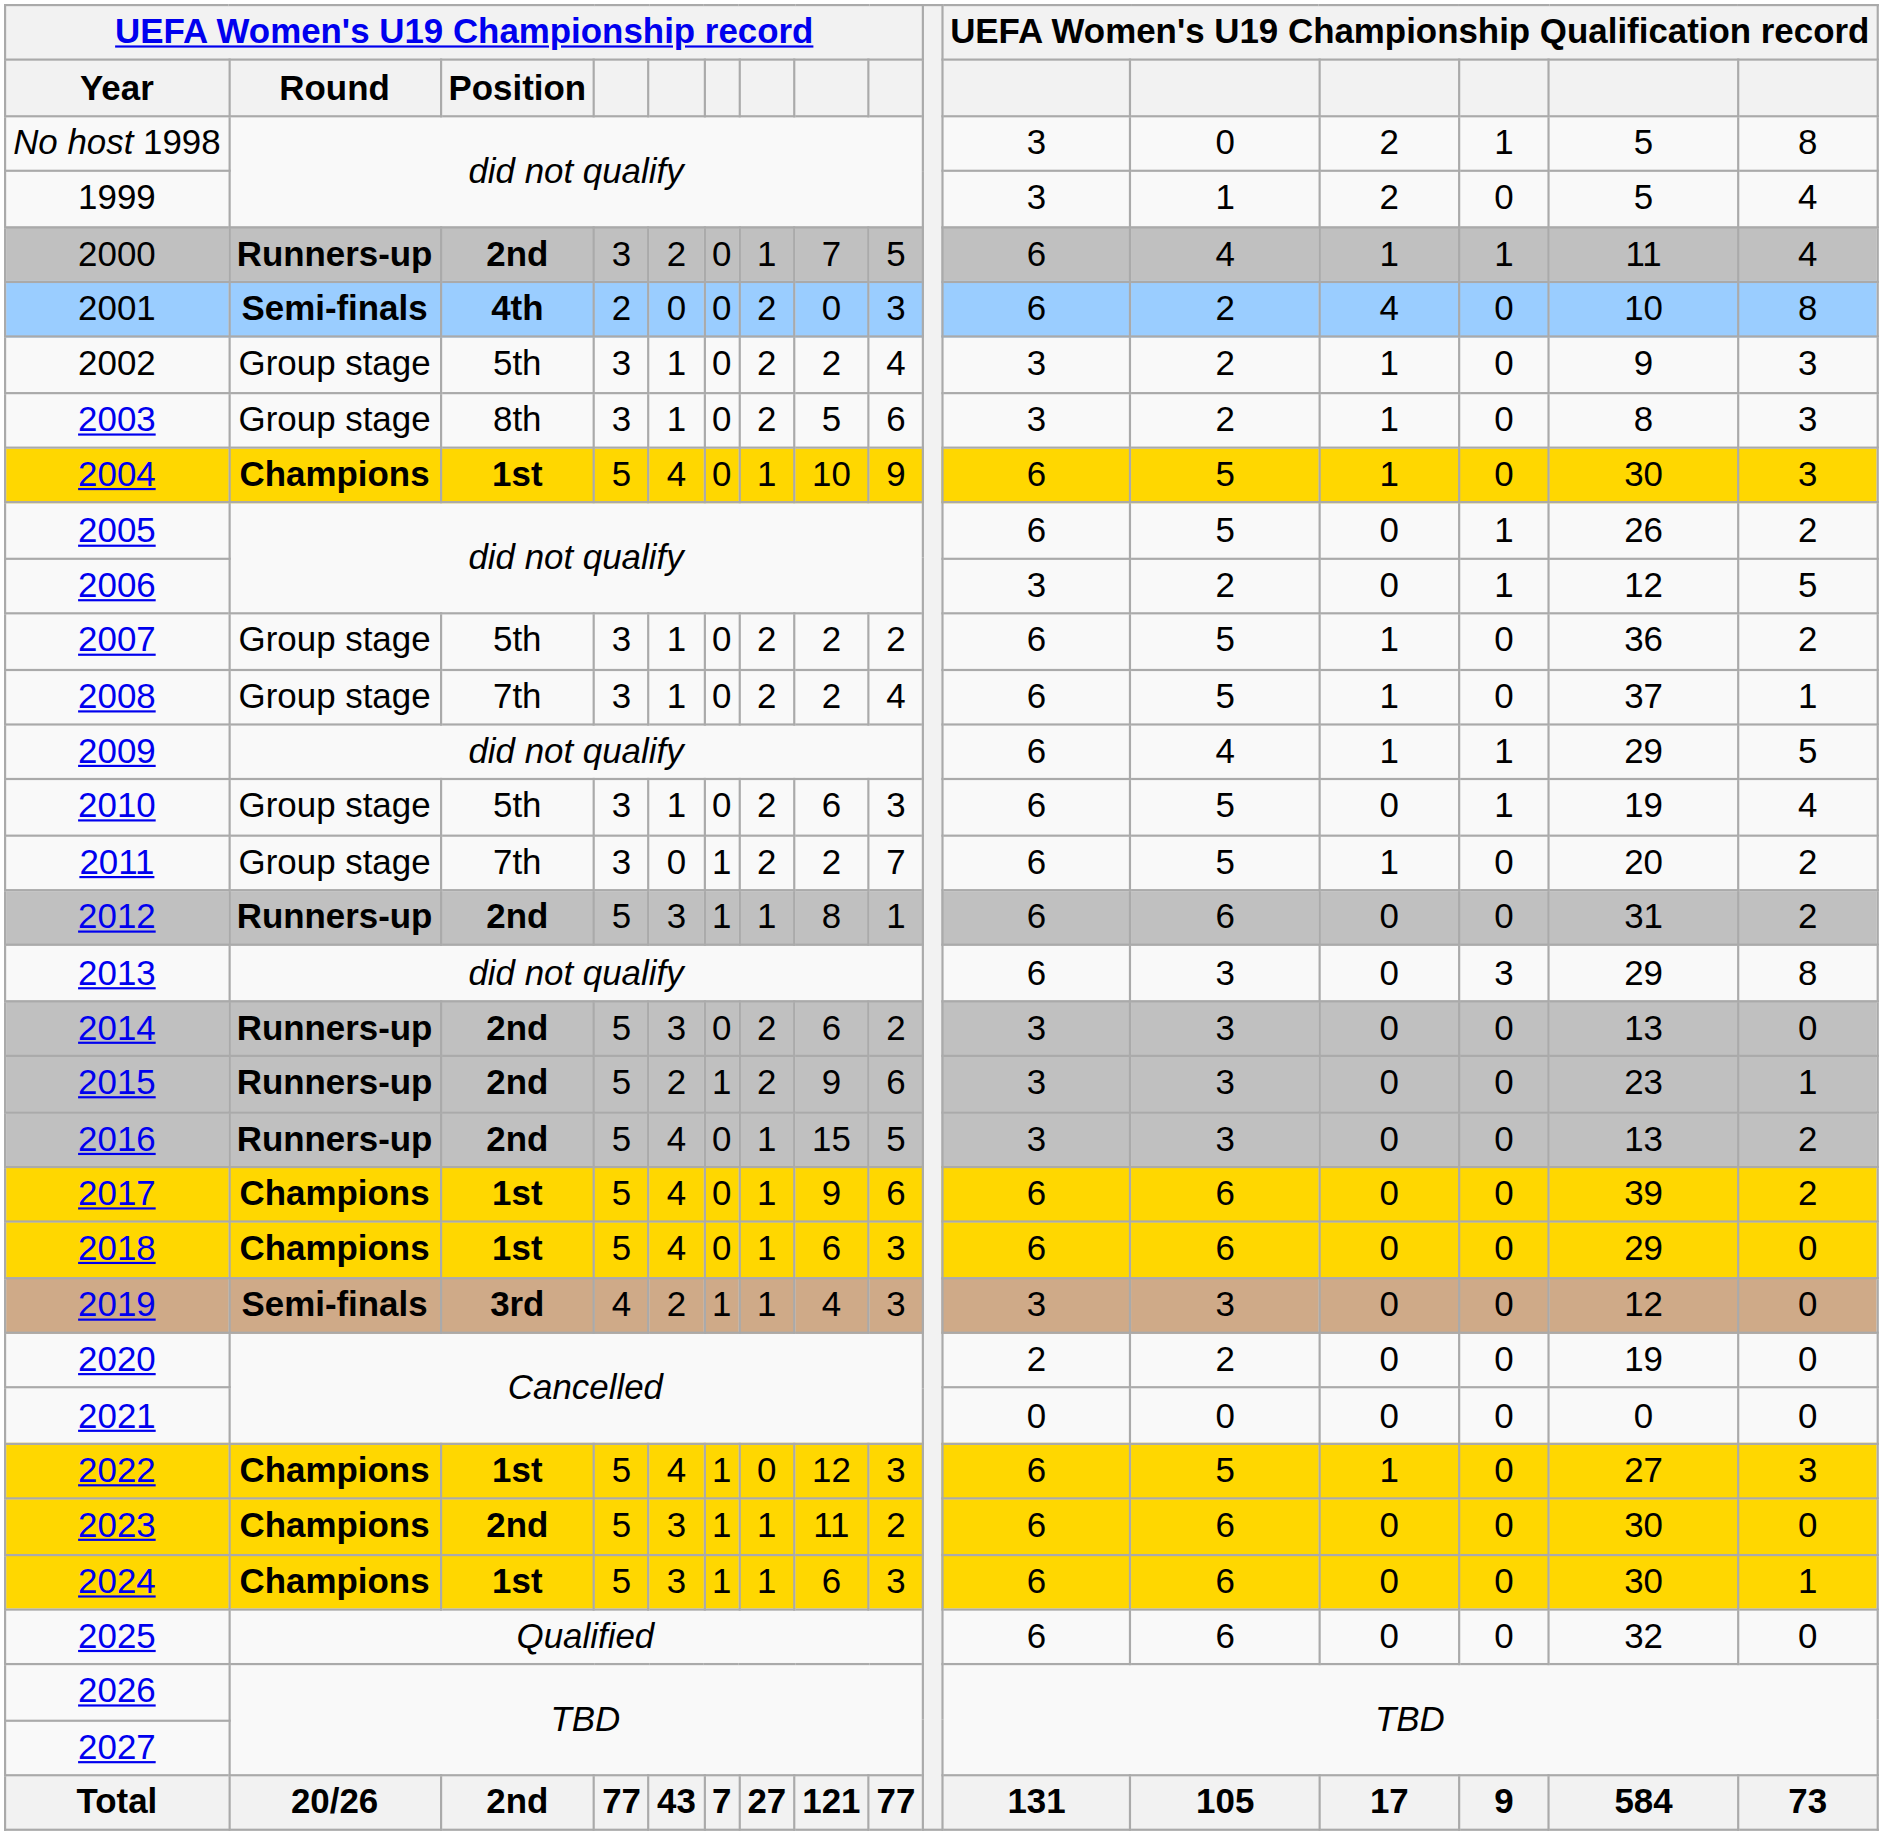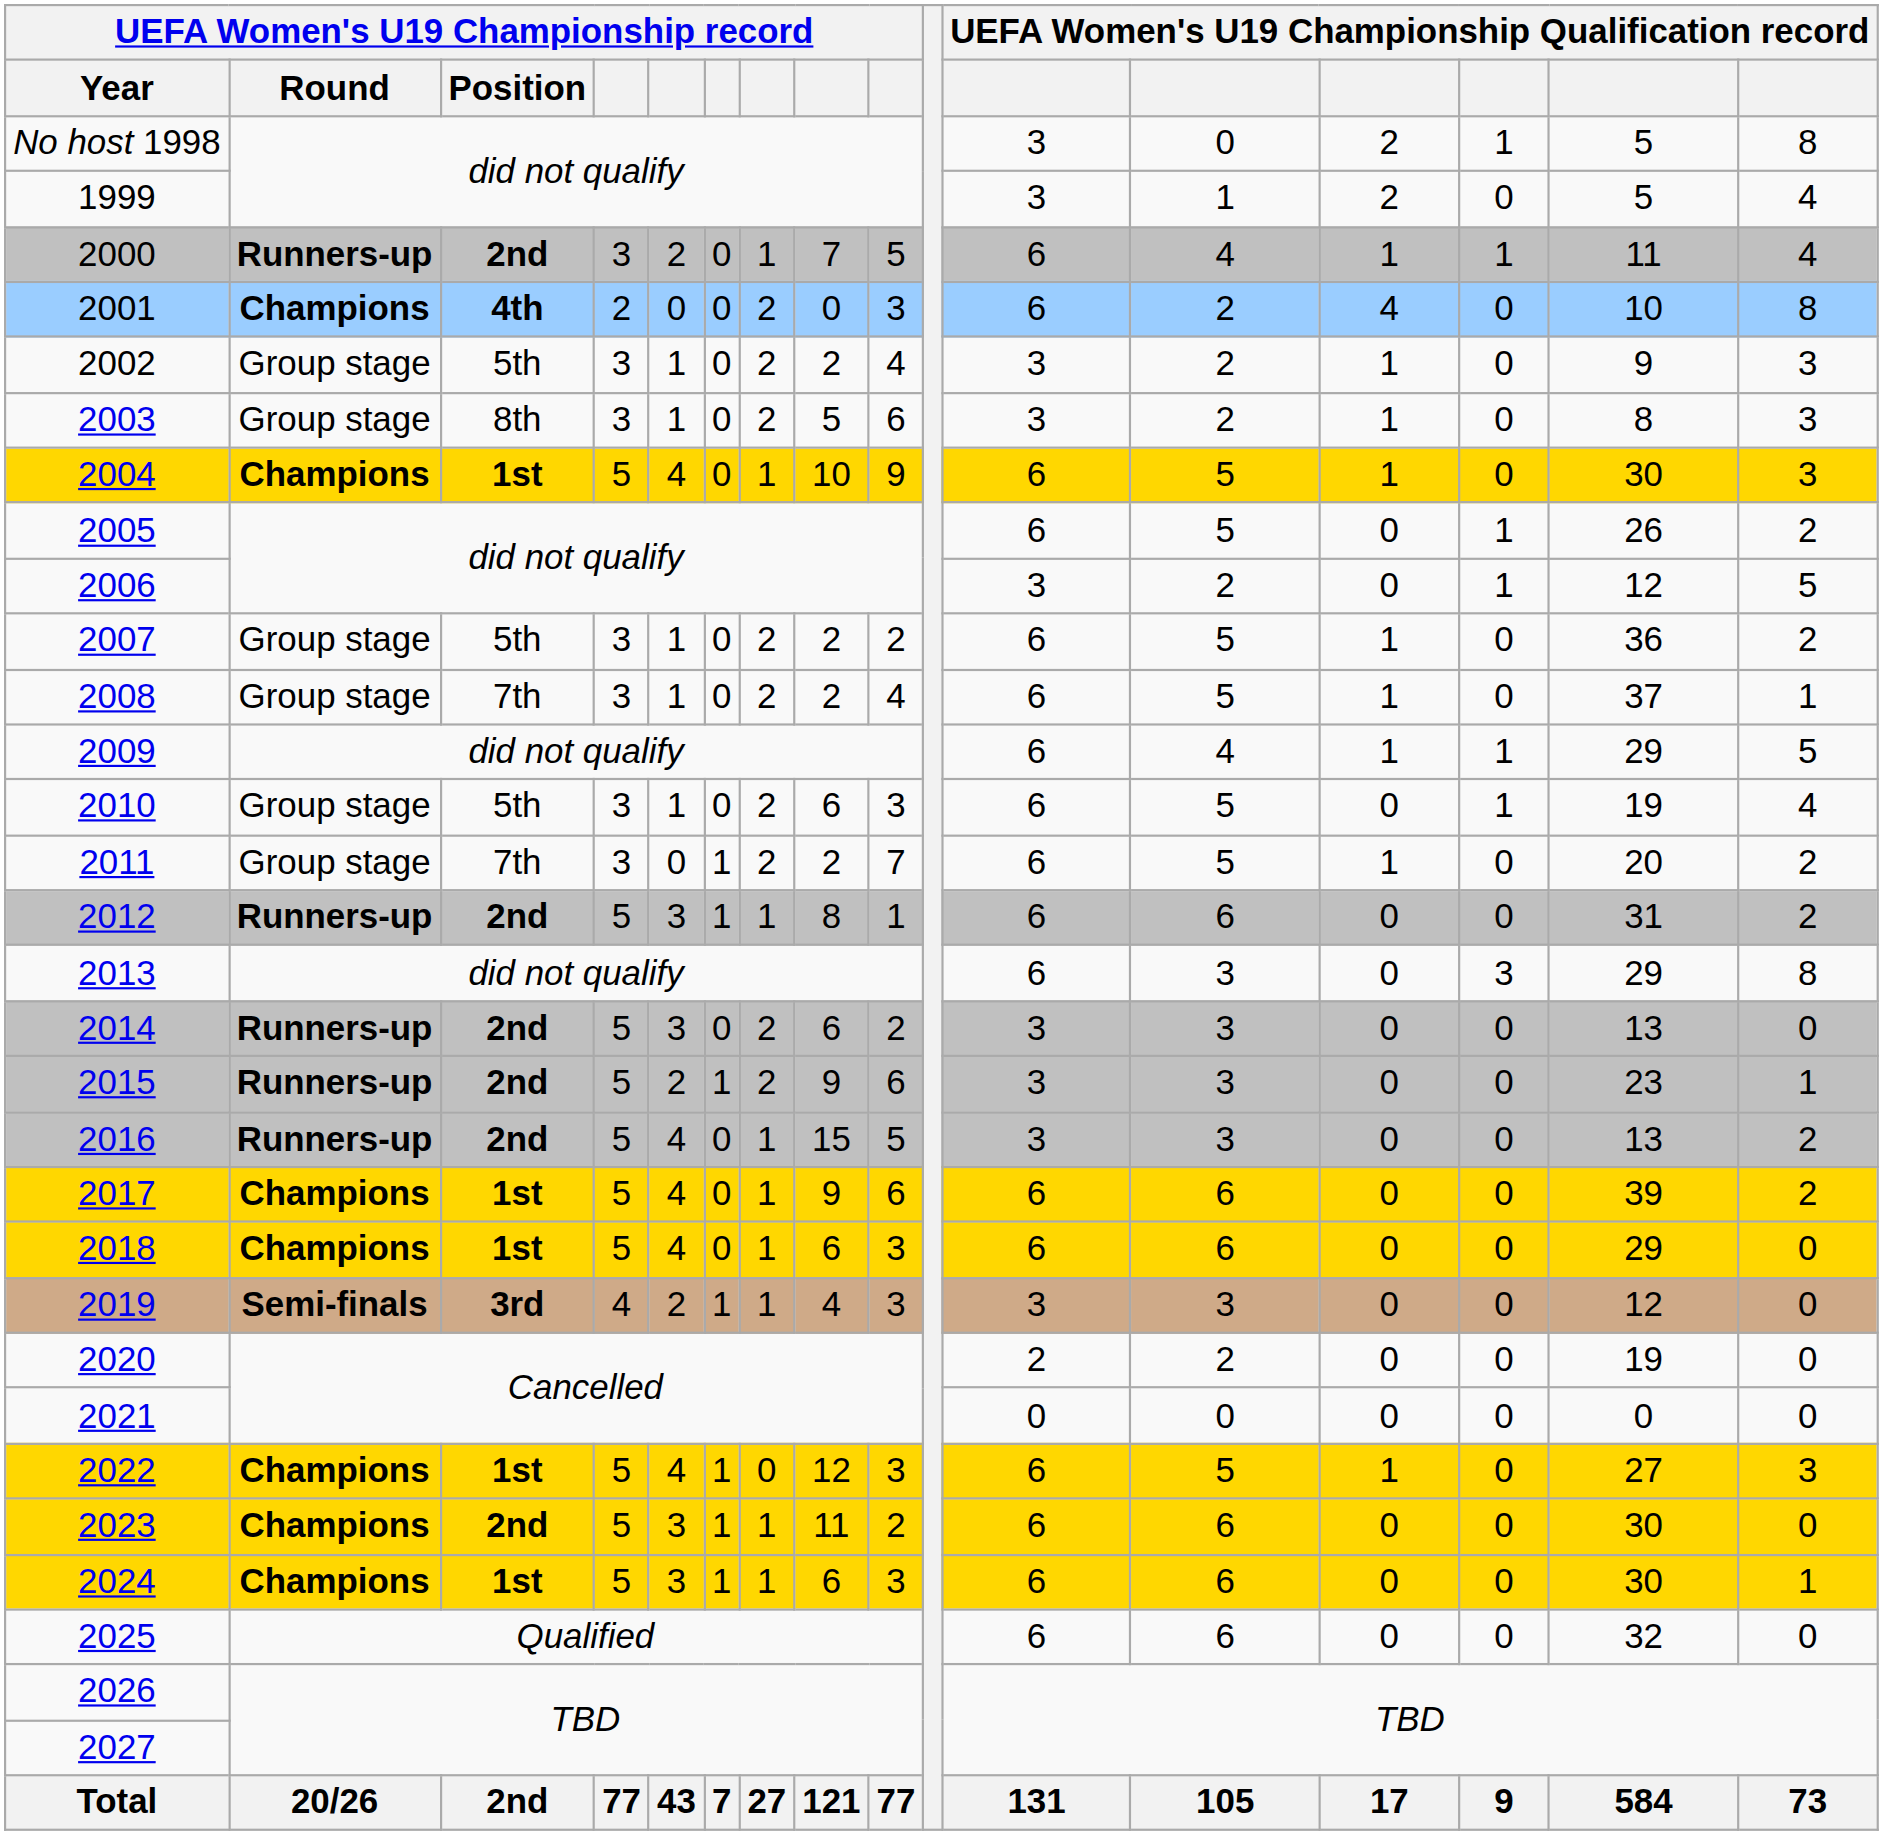 <table class="wikitable" style="text-align: center;">
 <tr>
 <th colspan=9><a href='#'>UEFA Women's U19 Championship record</a></th>
 <th width=1% rowspan=39></th>
 <th colspan=6>UEFA Women's U19 Championship Qualification record</th>
 </tr>
 <tr>
 <th>Year</th>
 <th>Round</th>
 <th>Position</th>
 <th></th>
 <th></th>
 <th></th>
 <th></th>
 <th></th>
 <th></th>
 <th></th>
 <th></th>
 <th></th>
 <th></th>
 <th></th>
 <th></th>
 </tr>
 <tr>
 <td><em>No host</em> 1998</td>
 <td rowspan=2 colspan=8><em>did not qualify</em></td>
 <td>3</td>
 <td>0</td>
 <td>2</td>
 <td>1</td>
 <td>5</td>
 <td>8</td>
 </tr>
 <tr>
 <td> 1999</td>
 <td>3</td>
 <td>1</td>
 <td>2</td>
 <td>0</td>
 <td>5</td>
 <td>4</td>
 </tr>
 <tr style="background:Silver;">
 <td> 2000</td>
 <td><strong>Runners-up</strong></td>
 <td><strong>2nd</strong></td>
 <td>3</td>
 <td>2</td>
 <td>0</td>
 <td>1</td>
 <td>7</td>
 <td>5</td>
 <td>6</td>
 <td>4</td>
 <td>1</td>
 <td>1</td>
 <td>11</td>
 <td>4</td>
 </tr>
 <tr style="background:#9acdff;">
 <td> 2001</td>
-<td><strong>Semi-finals</strong></td>
+<td><strong>Champions</strong></td>
 <td><strong>4th</strong></td>
 <td>2</td>
 <td>0</td>
 <td>0</td>
 <td>2</td>
 <td>0</td>
 <td>3</td>
 <td>6</td>
 <td>2</td>
 <td>4</td>
 <td>0</td>
 <td>10</td>
 <td>8</td>
 </tr>
 <tr>
 <td> 2002</td>
 <td>Group stage</td>
 <td>5th</td>
 <td>3</td>
 <td>1</td>
 <td>0</td>
 <td>2</td>
 <td>2</td>
 <td>4</td>
 <td>3</td>
 <td>2</td>
 <td>1</td>
 <td>0</td>
 <td>9</td>
 <td>3</td>
 </tr>
 <tr>
 <td> <a href='#'>2003</a></td>
 <td>Group stage</td>
 <td>8th</td>
 <td>3</td>
 <td>1</td>
 <td>0</td>
 <td>2</td>
 <td>5</td>
 <td>6</td>
 <td>3</td>
 <td>2</td>
 <td>1</td>
 <td>0</td>
 <td>8</td>
 <td>3</td>
 </tr>
 <tr style="background:Gold;">
 <td> <a href='#'>2004</a></td>
 <td><strong>Champions</strong></td>
 <td><strong>1st</strong></td>
 <td>5</td>
 <td>4</td>
 <td>0</td>
 <td>1</td>
 <td>10</td>
 <td>9</td>
 <td>6</td>
 <td>5</td>
 <td>1</td>
 <td>0</td>
 <td>30</td>
 <td>3</td>
 </tr>
 <tr>
 <td> <a href='#'>2005</a></td>
 <td rowspan=2 colspan=8><em>did not qualify</em></td>
 <td>6</td>
 <td>5</td>
 <td>0</td>
 <td>1</td>
 <td>26</td>
 <td>2</td>
 </tr>
 <tr>
 <td> <a href='#'>2006</a></td>
 <td>3</td>
 <td>2</td>
 <td>0</td>
 <td>1</td>
 <td>12</td>
 <td>5</td>
 </tr>
 <tr>
 <td> <a href='#'>2007</a></td>
 <td>Group stage</td>
 <td>5th</td>
 <td>3</td>
 <td>1</td>
 <td>0</td>
 <td>2</td>
 <td>2</td>
 <td>2</td>
 <td>6</td>
 <td>5</td>
 <td>1</td>
 <td>0</td>
 <td>36</td>
 <td>2</td>
 </tr>
 <tr>
 <td> <a href='#'>2008</a></td>
 <td>Group stage</td>
 <td>7th</td>
 <td>3</td>
 <td>1</td>
 <td>0</td>
 <td>2</td>
 <td>2</td>
 <td>4</td>
 <td>6</td>
 <td>5</td>
 <td>1</td>
 <td>0</td>
 <td>37</td>
 <td>1</td>
 </tr>
 <tr>
 <td> <a href='#'>2009</a></td>
 <td rowspan=1 colspan=8><em>did not qualify</em></td>
 <td>6</td>
 <td>4</td>
 <td>1</td>
 <td>1</td>
 <td>29</td>
 <td>5</td>
 </tr>
 <tr>
 <td> <a href='#'>2010</a></td>
 <td>Group stage</td>
 <td>5th</td>
 <td>3</td>
 <td>1</td>
 <td>0</td>
 <td>2</td>
 <td>6</td>
 <td>3</td>
 <td>6</td>
 <td>5</td>
 <td>0</td>
 <td>1</td>
 <td>19</td>
 <td>4</td>
 </tr>
 <tr>
 <td> <a href='#'>2011</a></td>
 <td>Group stage</td>
 <td>7th</td>
 <td>3</td>
 <td>0</td>
 <td>1</td>
 <td>2</td>
 <td>2</td>
 <td>7</td>
 <td>6</td>
 <td>5</td>
 <td>1</td>
 <td>0</td>
 <td>20</td>
 <td>2</td>
 </tr>
 <tr style="background:Silver;">
 <td> <a href='#'>2012</a></td>
 <td><strong>Runners-up</strong></td>
 <td><strong>2nd</strong></td>
 <td>5</td>
 <td>3</td>
 <td>1</td>
 <td>1</td>
 <td>8</td>
 <td>1</td>
 <td>6</td>
 <td>6</td>
 <td>0</td>
 <td>0</td>
 <td>31</td>
 <td>2</td>
 </tr>
 <tr>
 <td> <a href='#'>2013</a></td>
 <td rowspan=1 colspan=8><em>did not qualify</em></td>
 <td>6</td>
 <td>3</td>
 <td>0</td>
 <td>3</td>
 <td>29</td>
 <td>8</td>
 </tr>
 <tr style="background:Silver;">
 <td> <a href='#'>2014</a></td>
 <td><strong>Runners-up</strong></td>
 <td><strong>2nd</strong></td>
 <td>5</td>
 <td>3</td>
 <td>0</td>
 <td>2</td>
 <td>6</td>
 <td>2</td>
 <td>3</td>
 <td>3</td>
 <td>0</td>
 <td>0</td>
 <td>13</td>
 <td>0</td>
 </tr>
 <tr style="background:Silver;">
 <td> <a href='#'>2015</a></td>
 <td><strong>Runners-up</strong></td>
 <td><strong>2nd</strong></td>
 <td>5</td>
 <td>2</td>
 <td>1</td>
 <td>2</td>
 <td>9</td>
 <td>6</td>
 <td>3</td>
 <td>3</td>
 <td>0</td>
 <td>0</td>
 <td>23</td>
 <td>1</td>
 </tr>
 <tr style="background:Silver;">
 <td> <a href='#'>2016</a></td>
 <td><strong>Runners-up</strong></td>
 <td><strong>2nd</strong></td>
 <td>5</td>
 <td>4</td>
 <td>0</td>
 <td>1</td>
 <td>15</td>
 <td>5</td>
 <td>3</td>
 <td>3</td>
 <td>0</td>
 <td>0</td>
 <td>13</td>
 <td>2</td>
 </tr>
 <tr style="background:Gold;">
 <td> <a href='#'>2017</a></td>
 <td><strong>Champions</strong></td>
 <td><strong>1st</strong></td>
 <td>5</td>
 <td>4</td>
 <td>0</td>
 <td>1</td>
 <td>9</td>
 <td>6</td>
 <td>6</td>
 <td>6</td>
 <td>0</td>
 <td>0</td>
 <td>39</td>
 <td>2</td>
 </tr>
 <tr style="background:Gold;">
 <td> <a href='#'>2018</a></td>
 <td><strong>Champions</strong></td>
 <td><strong>1st</strong></td>
 <td>5</td>
 <td>4</td>
 <td>0</td>
 <td>1</td>
 <td>6</td>
 <td>3</td>
 <td>6</td>
 <td>6</td>
 <td>0</td>
 <td>0</td>
 <td>29</td>
 <td>0</td>
 </tr>
 <tr style="background:#CFAA88">
 <td> <a href='#'>2019</a></td>
 <td><strong>Semi-finals</strong></td>
 <td><strong>3rd</strong></td>
 <td>4</td>
 <td>2</td>
 <td>1</td>
 <td>1</td>
 <td>4</td>
 <td>3</td>
 <td>3</td>
 <td>3</td>
 <td>0</td>
 <td>0</td>
 <td>12</td>
 <td>0</td>
 </tr>
 <tr>
 <td> <a href='#'>2020</a></td>
 <td rowspan=2 colspan=9><em>Cancelled</em></td>
 <td>2</td>
 <td>2</td>
 <td>0</td>
 <td>0</td>
 <td>19</td>
 <td>0</td>
 </tr>
 <tr>
 <td> <a href='#'>2021</a></td>
 <td>0</td>
 <td>0</td>
 <td>0</td>
 <td>0</td>
 <td>0</td>
 <td>0</td>
 </tr>
 <tr style="background:Gold;">
 <td> <a href='#'>2022</a></td>
 <td><strong>Champions</strong></td>
 <td><strong>1st</strong></td>
 <td>5</td>
 <td>4</td>
 <td>1</td>
 <td>0</td>
 <td>12</td>
 <td>3</td>
 <td>6</td>
 <td>5</td>
 <td>1</td>
 <td>0</td>
 <td>27</td>
 <td>3</td>
 </tr>
 <tr style="background:Gold;">
 <td> <a href='#'>2023</a></td>
 <td><strong>Champions</strong></td>
 <td><strong>2nd</strong></td>
 <td>5</td>
 <td>3</td>
 <td>1</td>
 <td>1</td>
 <td>11</td>
 <td>2</td>
 <td>6</td>
 <td>6</td>
 <td>0</td>
 <td>0</td>
 <td>30</td>
 <td>0</td>
 </tr>
 <tr style="background:Gold;">
 <td> <a href='#'>2024</a></td>
 <td><strong>Champions</strong></td>
 <td><strong>1st</strong></td>
 <td>5</td>
 <td>3</td>
 <td>1</td>
 <td>1</td>
 <td>6</td>
 <td>3</td>
 <td>6</td>
 <td>6</td>
 <td>0</td>
 <td>0</td>
 <td>30</td>
 <td>1</td>
 </tr>
 <tr>
 <td> <a href='#'>2025</a></td>
 <td colspan=9><em>Qualified</em></td>
 <td>6</td>
 <td>6</td>
 <td>0</td>
 <td>0</td>
 <td>32</td>
 <td>0</td>
 </tr>
 <tr>
 <td> <a href='#'>2026</a></td>
 <td rowspan=2 colspan=9><em>TBD</em></td>
 <td rowspan=2 colspan=9><em>TBD</em></td>
 </tr>
 <tr>
 <td> <a href='#'>2027</a></td>
 </tr>
 <tr>
 <th><strong>Total</strong></th>
 <th><strong>20/26</strong></th>
 <th><strong>2nd</strong></th>
 <th><strong>77</strong></th>
 <th><strong>43</strong></th>
 <th><strong>7</strong></th>
 <th><strong>27</strong></th>
 <th><strong>121</strong></th>
 <th><strong>77</strong></th>
 <th><strong>131</strong></th>
 <th><strong>105</strong></th>
 <th><strong>17</strong></th>
 <th><strong>9</strong></th>
 <th><strong>584</strong></th>
 <th><strong>73</strong></th>
 </tr>
 </table>
